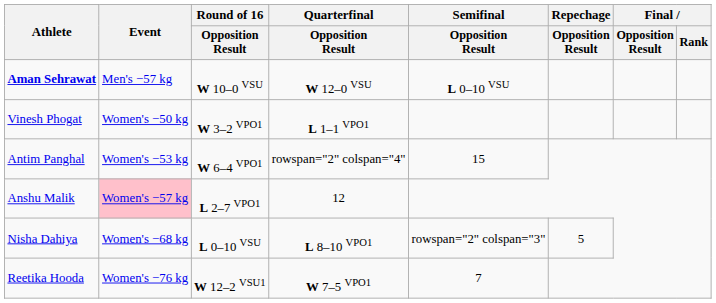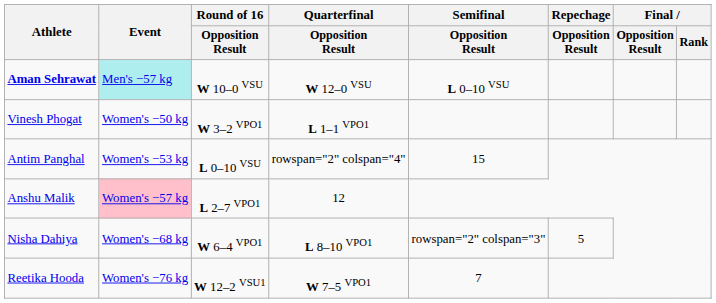 <table class="wikitable" style="font-size:90%">
 <tr>
 <th rowspan=2>Athlete</th>
 <th rowspan=2>Event</th>
 <th>Round of 16</th>
 <th>Quarterfinal</th>
 <th>Semifinal</th>
 <th>Repechage</th>
 <th colspan=2>Final / </th>
 </tr>
 <tr style="font-size: 95%">
 <th>Opposition<br>Result</th>
 <th>Opposition<br>Result</th>
 <th>Opposition<br>Result</th>
 <th>Opposition<br>Result</th>
 <th>Opposition<br>Result</th>
 <th>Rank</th>
 </tr>
 <tr align=center>
 <td align=left><strong><a href='#'>Aman Sehrawat</a></strong></td>
-<td align=left><a href='#'>Men's −57 kg</a></td>
+<td align=left style="background: paleturquoise;"><a href='#'>Men's −57 kg</a></td>
 <td> <br> <strong>W</strong> 10–0 <sup>VSU</sup></td>
 <td> <br> <strong>W</strong> 12–0 <sup>VSU</sup></td>
 <td> <br> <strong>L</strong> 0–10 <sup>VSU</sup></td>
 <td></td>
 <td> <br> </td>
 <td></td>
 </tr>
 <tr align=center>
 <td align=left><a href='#'>Vinesh Phogat</a></td>
 <td align=left><a href='#'>Women's −50 kg</a></td>
 <td> <br> <strong>W</strong> 3–2 <sup>VPO1</sup></td>
 <td> <br> <strong>L</strong> 1–1 <sup>VPO1</sup></td>
 <td> <br> </td>
 <td></td>
 <td></td>
 <td></td>
 </tr>
 <tr align=center>
 <td align=left><a href='#'>Antim Panghal</a></td>
 <td align=left><a href='#'>Women's −53 kg</a></td>
-<td> <br> <strong>W</strong> 6–4 <sup>VPO1</sup></td>
+<td> <br> <strong>L</strong> 0–10 <sup>VSU</sup></td>
 <td>rowspan="2" colspan="4"</td>
 <td>15</td>
 </tr>
 <tr align=center>
 <td align=left><a href='#'>Anshu Malik</a></td>
 <td align=left style="background: pink;"><a href='#'>Women's −57 kg</a></td>
 <td><br> <strong>L</strong> 2–7 <sup>VPO1</sup></td>
 <td>12</td>
 </tr>
 <tr align=center>
 <td align=left><a href='#'>Nisha Dahiya</a></td>
 <td align=left><a href='#'>Women's −68 kg</a></td>
-<td> <br> <strong>L</strong> 0–10 <sup>VSU</sup></td>
+<td> <br> <strong>W</strong> 6–4 <sup>VPO1</sup></td>
 <td> <br> <strong>L</strong> 8–10 <sup>VPO1</sup></td>
 <td>rowspan="2" colspan="3"</td>
 <td>5</td>
 </tr>
 <tr align=center>
 <td align=left><a href='#'>Reetika Hooda</a></td>
 <td align=left><a href='#'>Women's −76 kg</a></td>
 <td> <br> <strong>W</strong> 12–2 <sup>VSU1</sup></td>
 <td> <br> <strong>W</strong> 7–5 <sup>VPO1</sup></td>
 <td>7</td>
 </tr>
 </table>
